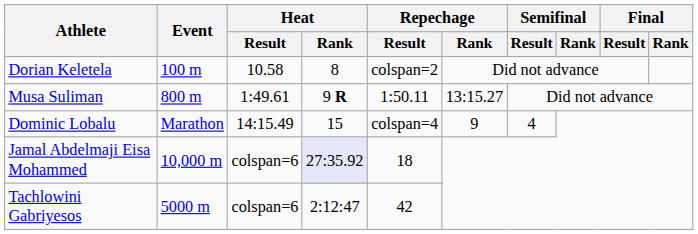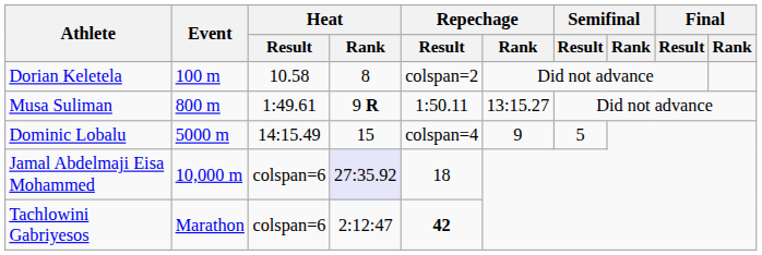 <table class="wikitable" style="font-size:90%">
 <tr>
 <th rowspan="2">Athlete</th>
 <th rowspan="2">Event</th>
 <th colspan="2">Heat</th>
 <th colspan="2">Repechage</th>
 <th colspan="2">Semifinal</th>
 <th colspan="2">Final</th>
 </tr>
 <tr style="font-size:95%">
 <th>Result</th>
 <th>Rank</th>
 <th>Result</th>
 <th>Rank</th>
 <th>Result</th>
 <th>Rank</th>
 <th>Result</th>
 <th>Rank</th>
 </tr>
 <tr align=center>
 <td align=left><a href='#'>Dorian Keletela</a></td>
 <td align=left><a href='#'>100 m</a></td>
 <td>10.58</td>
 <td>8</td>
 <td>colspan=2 </td>
 <td colspan=4>Did not advance</td>
 </tr>
 <tr align=center>
 <td align=left><a href='#'>Musa Suliman</a></td>
 <td align=left><a href='#'>800 m</a></td>
 <td>1:49.61</td>
 <td>9 <strong>R</strong></td>
 <td>1:50.11</td>
 <td>13:15.27</td>
 <td colspan=4>Did not advance</td>
 </tr>
 <tr align=center>
 <td align=left><a href='#'>Dominic Lobalu</a></td>
-<td align=left><a href='#'>Marathon</a></td>
+<td align=left><a href='#'>5000 m</a></td>
 <td>14:15.49</td>
 <td>15 <strong></strong></td>
 <td>colspan=4 </td>
 <td>9</td>
-<td>4</td>
+<td>5</td>
 </tr>
 <tr align=center>
 <td align=left><a href='#'>Jamal Abdelmaji Eisa Mohammed</a></td>
 <td align=left><a href='#'>10,000 m</a></td>
 <td>colspan=6 </td>
 <td style="background: lavender;">27:35.92 </td>
 <td>18</td>
 </tr>
 <tr align=center>
 <td align=left><a href='#'>Tachlowini Gabriyesos</a></td>
-<td align=left><a href='#'>5000 m</a></td>
+<td align=left><a href='#'>Marathon</a></td>
 <td>colspan=6 </td>
 <td>2:12:47</td>
-<td>42</td>
+<td><strong>42</strong></td>
 </tr>
 </table>
